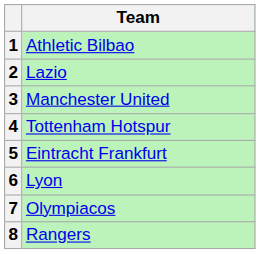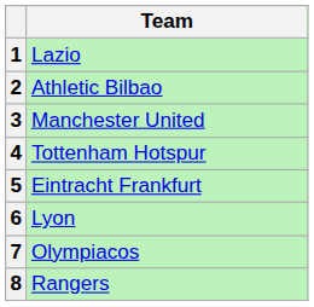 <table class="wikitable" style="white-space:nowrap; background-color:#BBF3BB">
 <tr>
 <th></th>
 <th style="width:210px">Team</th>
 </tr>
 <tr>
 <th>1</th>
-<td> <a href='#'>Athletic Bilbao</a></td>
+<td> <a href='#'>Lazio</a></td>
 </tr>
 <tr>
 <th>2</th>
-<td> <a href='#'>Lazio</a></td>
+<td> <a href='#'>Athletic Bilbao</a></td>
 </tr>
 <tr>
 <th>3</th>
 <td> <a href='#'>Manchester United</a></td>
 </tr>
 <tr>
 <th>4</th>
 <td> <a href='#'>Tottenham Hotspur</a></td>
 </tr>
 <tr>
 <th>5</th>
 <td> <a href='#'>Eintracht Frankfurt</a></td>
 </tr>
 <tr>
 <th>6</th>
 <td> <a href='#'>Lyon</a></td>
 </tr>
 <tr>
 <th>7</th>
 <td> <a href='#'>Olympiacos</a></td>
 </tr>
 <tr>
 <th>8</th>
 <td> <a href='#'>Rangers</a></td>
 </tr>
 </table>
